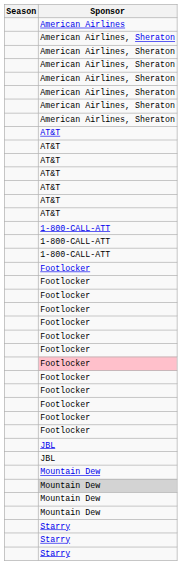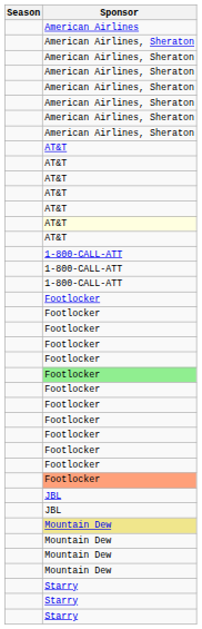 <table class="wikitable">
 <tr>
 <th>Season</th>
 <th>Sponsor</th>
 </tr>
 <tr>
 <td></td>
 <td><a href='#'>American Airlines</a></td>
 </tr>
 <tr>
 <td></td>
 <td>American Airlines, <a href='#'>Sheraton</a></td>
 </tr>
 <tr>
 <td></td>
 <td>American Airlines, Sheraton</td>
 </tr>
 <tr>
 <td></td>
 <td>American Airlines, Sheraton</td>
 </tr>
 <tr>
 <td></td>
 <td>American Airlines, Sheraton</td>
 </tr>
 <tr>
 <td></td>
 <td>American Airlines, Sheraton</td>
 </tr>
 <tr>
 <td></td>
 <td>American Airlines, Sheraton</td>
 </tr>
 <tr>
 <td></td>
 <td>American Airlines, Sheraton</td>
 </tr>
 <tr>
 <td></td>
 <td><a href='#'>AT&T</a></td>
 </tr>
 <tr>
 <td></td>
 <td>AT&T</td>
 </tr>
 <tr>
 <td></td>
 <td>AT&T</td>
 </tr>
 <tr>
 <td></td>
 <td>AT&T</td>
 </tr>
 <tr>
 <td></td>
 <td>AT&T</td>
 </tr>
 <tr>
 <td></td>
-<td>AT&T</td>
+<td style="background: lightyellow;">AT&T</td>
 </tr>
 <tr>
 <td></td>
 <td>AT&T</td>
 </tr>
 <tr>
 <td></td>
 <td><a href='#'>1-800-CALL-ATT</a></td>
 </tr>
 <tr>
 <td></td>
 <td>1-800-CALL-ATT</td>
 </tr>
 <tr>
 <td></td>
 <td>1-800-CALL-ATT</td>
 </tr>
 <tr>
 <td></td>
 <td><a href='#'>Footlocker</a></td>
 </tr>
 <tr>
 <td></td>
 <td>Footlocker</td>
 </tr>
 <tr>
 <td></td>
 <td>Footlocker</td>
 </tr>
 <tr>
 <td></td>
 <td>Footlocker</td>
 </tr>
 <tr>
 <td></td>
 <td>Footlocker</td>
 </tr>
 <tr>
 <td></td>
-<td>Footlocker</td>
-</tr>
-<tr>
-<td></td>
-<td>Footlocker</td>
-</tr>
-<tr>
-<td></td>
-<td style="background: pink;">Footlocker</td>
+<td style="background: lightgreen;">Footlocker</td>
 </tr>
 <tr>
 <td></td>
 <td>Footlocker</td>
 </tr>
 <tr>
 <td></td>
 <td>Footlocker</td>
 </tr>
 <tr>
 <td></td>
 <td>Footlocker</td>
 </tr>
 <tr>
 <td></td>
 <td>Footlocker</td>
 </tr>
 <tr>
 <td></td>
 <td>Footlocker</td>
 </tr>
 <tr>
 <td></td>
+<td>Footlocker</td>
+</tr>
+<tr>
+<td></td>
+<td style="background: lightsalmon;">Footlocker</td>
+</tr>
+<tr>
+<td></td>
 <td><a href='#'>JBL</a></td>
 </tr>
 <tr>
 <td></td>
 <td>JBL</td>
 </tr>
 <tr>
 <td></td>
-<td><a href='#'>Mountain Dew</a></td>
+<td style="background: khaki;"><a href='#'>Mountain Dew</a></td>
 </tr>
 <tr>
 <td></td>
-<td style="background: lightgrey;">Mountain Dew</td>
+<td>Mountain Dew</td>
 </tr>
 <tr>
 <td></td>
 <td>Mountain Dew</td>
 </tr>
 <tr>
 <td></td>
 <td>Mountain Dew</td>
 </tr>
 <tr>
 <td></td>
 <td><a href='#'>Starry</a></td>
 </tr>
 <tr>
 <td></td>
 <td><a href='#'>Starry</a></td>
 </tr>
 <tr>
 <td></td>
 <td><a href='#'>Starry</a></td>
 </tr>
 </table>
